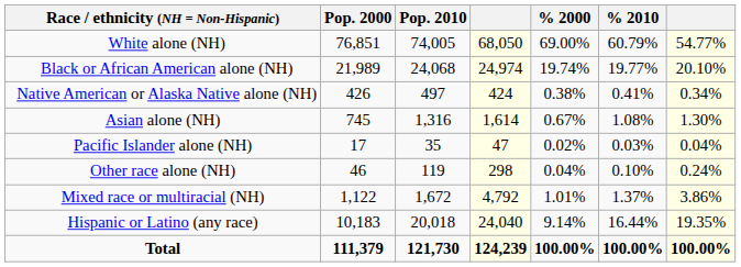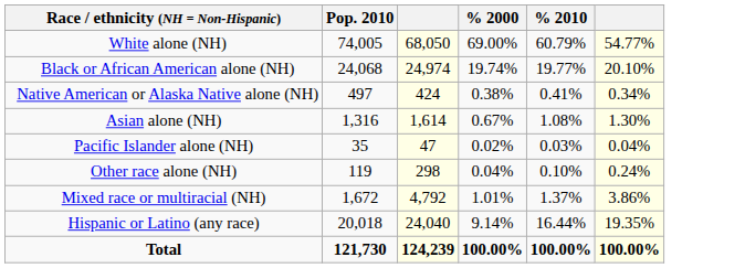 <table class="wikitable" style="text-align:center;">
 <tr>
 <th>Race / ethnicity <small>(<em>NH = Non-Hispanic</em>)</small></th>
-<th>Pop. 2000</th>
 <th>Pop. 2010</th>
 <th></th>
 <th>% 2000</th>
 <th>% 2010</th>
 <th></th>
 </tr>
 <tr>
 <td>  <a href='#'>White</a> alone (NH)</td>
-<td>76,851</td>
 <td>74,005</td>
 <td style='background: #ffffe6;'>68,050</td>
 <td>69.00%</td>
 <td>60.79%</td>
 <td style='background: #ffffe6;'>54.77%</td>
 </tr>
 <tr>
 <td>  <a href='#'>Black or African American</a> alone (NH)</td>
-<td>21,989</td>
 <td>24,068</td>
 <td style='background: #ffffe6;'>24,974</td>
 <td>19.74%</td>
 <td>19.77%</td>
 <td style='background: #ffffe6;'>20.10%</td>
 </tr>
 <tr>
 <td>  <a href='#'>Native American</a> or <a href='#'>Alaska Native</a> alone (NH)</td>
-<td>426</td>
 <td>497</td>
 <td style='background: #ffffe6;'>424</td>
 <td>0.38%</td>
 <td>0.41%</td>
 <td style='background: #ffffe6;'>0.34%</td>
 </tr>
 <tr>
 <td><a href='#'>Asian</a> alone (NH)</td>
-<td>745</td>
 <td>1,316</td>
 <td style='background: #ffffe6;'>1,614</td>
 <td>0.67%</td>
 <td>1.08%</td>
 <td style='background: #ffffe6;'>1.30%</td>
 </tr>
 <tr>
 <td><a href='#'>Pacific Islander</a> alone (NH)</td>
-<td>17</td>
 <td>35</td>
 <td style='background: #ffffe6;'>47</td>
 <td>0.02%</td>
 <td>0.03%</td>
 <td style='background: #ffffe6;'>0.04%</td>
 </tr>
 <tr>
 <td><a href='#'>Other race</a> alone (NH)</td>
-<td>46</td>
 <td>119</td>
 <td style='background: #ffffe6;'>298</td>
 <td>0.04%</td>
 <td>0.10%</td>
 <td style='background: #ffffe6;'>0.24%</td>
 </tr>
 <tr>
 <td><a href='#'>Mixed race or multiracial</a> (NH)</td>
-<td>1,122</td>
 <td>1,672</td>
 <td style='background: #ffffe6;'>4,792</td>
 <td>1.01%</td>
 <td>1.37%</td>
 <td style='background: #ffffe6;'>3.86%</td>
 </tr>
 <tr>
 <td><a href='#'>Hispanic or Latino</a> (any race)</td>
-<td>10,183</td>
 <td>20,018</td>
 <td style='background: #ffffe6;'>24,040</td>
 <td>9.14%</td>
 <td>16.44%</td>
 <td style='background: #ffffe6;'>19.35%</td>
 </tr>
 <tr>
 <td><strong>Total</strong></td>
-<td><strong>111,379</strong></td>
 <td><strong>121,730</strong></td>
 <td style='background: #ffffe6;'><strong>124,239</strong></td>
 <td><strong>100.00%</strong></td>
 <td><strong>100.00%</strong></td>
 <td style='background: #ffffe6;'><strong>100.00%</strong></td>
 </tr>
 </table>
